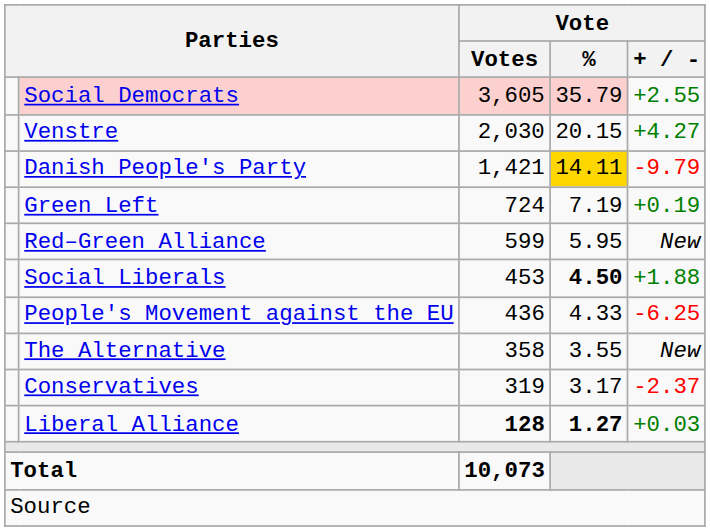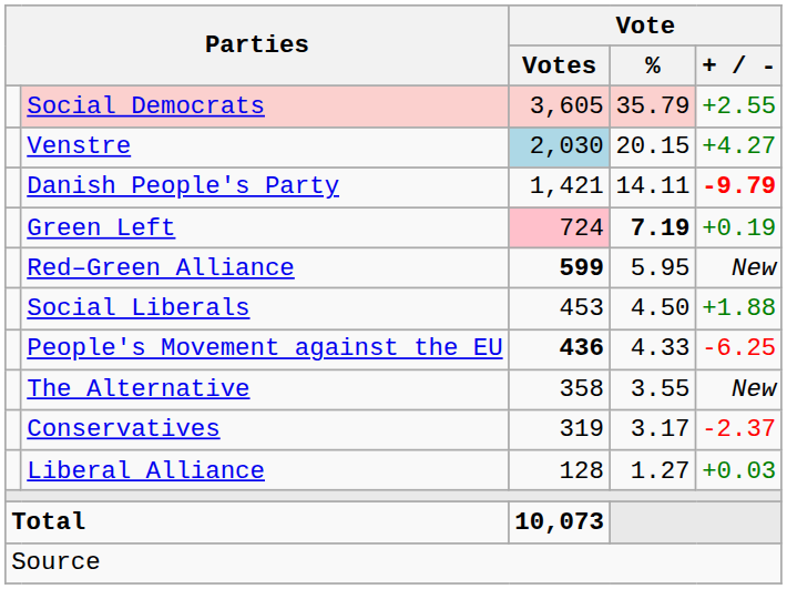 <table class="wikitable" style="text-align:right;">
 <tr>
 <th style="text-align:centre;" rowspan="2" colspan="2" width="225">Parties</th>
 <th colspan="3">Vote</th>
 </tr>
 <tr>
 <th width="15">Votes</th>
 <th width="15">%</th>
 <th width="15">+ / -</th>
 </tr>
 <tr>
 <td width="2" style="color:inherit;background:"></td>
 <td bgcolor=#fbd0ce   align="left"><a href='#'>Social Democrats</a></td>
 <td bgcolor=#fbd0ce>3,605</td>
 <td bgcolor=#fbd0ce>35.79</td>
 <td style=color:green;>+2.55</td>
 </tr>
 <tr>
 <td width="2" style="color:inherit;background:"></td>
 <td align="left"><a href='#'>Venstre</a></td>
-<td>2,030</td>
+<td style="background: lightblue;">2,030</td>
 <td>20.15</td>
 <td style=color:green;>+4.27</td>
 </tr>
 <tr>
 <td width="2" style="color:inherit;background:"></td>
 <td align="left"><a href='#'>Danish People's Party</a></td>
 <td>1,421</td>
-<td style="background: gold;">14.11</td>
-<td style=color:red;>-9.79</td>
+<td>14.11</td>
+<td style=color:red;><strong>-9.79</strong></td>
 </tr>
 <tr>
 <td width="2" style="color:inherit;background:"></td>
 <td align="left"><a href='#'>Green Left</a></td>
-<td>724</td>
-<td>7.19</td>
+<td style="background: pink;">724</td>
+<td><strong>7.19</strong></td>
 <td style=color:green;>+0.19</td>
 </tr>
 <tr>
 <td width="2" style="color:inherit;background:"></td>
 <td align="left"><a href='#'>Red–Green Alliance</a></td>
-<td>599</td>
+<td><strong>599</strong></td>
 <td>5.95</td>
 <td><em>New</em></td>
 </tr>
 <tr>
 <td width="2" style="color:inherit;background:"></td>
 <td align="left"><a href='#'>Social Liberals</a></td>
 <td>453</td>
-<td><strong>4.50</strong></td>
+<td>4.50</td>
 <td style=color:green;>+1.88</td>
 </tr>
 <tr>
 <td width="2" style="color:inherit;background:"></td>
 <td align="left"><a href='#'>People's Movement against the EU</a></td>
-<td>436</td>
+<td><strong>436</strong></td>
 <td>4.33</td>
 <td style=color:red;>-6.25</td>
 </tr>
 <tr>
 <td width="2" style="color:inherit;background:"></td>
 <td align="left"><a href='#'>The Alternative</a></td>
 <td>358</td>
 <td>3.55</td>
 <td><em>New</em></td>
 </tr>
 <tr>
 <td width="2" style="color:inherit;background:"></td>
 <td align="left"><a href='#'>Conservatives</a></td>
 <td>319</td>
 <td>3.17</td>
 <td style=color:red;>-2.37</td>
 </tr>
 <tr>
 <td width="2" style="color:inherit;background:"></td>
 <td align="left"><a href='#'>Liberal Alliance</a></td>
-<td><strong>128</strong></td>
-<td><strong>1.27</strong></td>
+<td>128</td>
+<td>1.27</td>
 <td style=color:green;>+0.03</td>
 </tr>
 <tr>
 <td colspan="7" bgcolor="#E9E9E9"></td>
 </tr>
 <tr>
 <td align="left" colspan="2"><strong>Total</strong></td>
 <td><strong>10,073</strong></td>
 <td bgcolor="#E9E9E9" colspan="2"></td>
 </tr>
 <tr>
 <td align="left" colspan="6">Source</td>
 </tr>
 </table>
